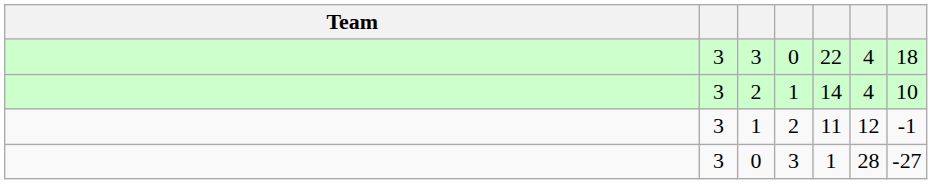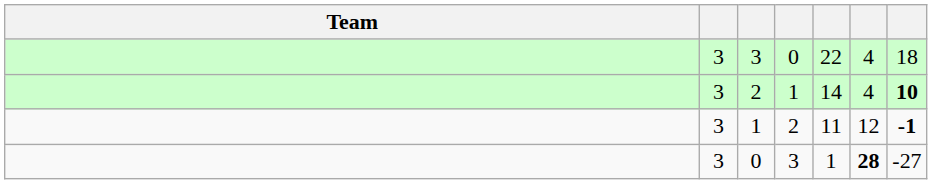 <table class=wikitable style="text-align:center">
 <tr>
 <th width=500>Team</th>
 <th width=20></th>
 <th width=20></th>
 <th width=20></th>
 <th width=20></th>
 <th width=20></th>
 <th width=20></th>
 </tr>
 <tr bgcolor=ccffcc>
 <td style="text-align:left"></td>
 <td>3</td>
 <td>3</td>
 <td>0</td>
 <td>22</td>
 <td>4</td>
 <td>18</td>
 </tr>
 <tr bgcolor=ccffcc>
 <td style="text-align:left"></td>
 <td>3</td>
 <td>2</td>
 <td>1</td>
 <td>14</td>
 <td>4</td>
-<td>10</td>
+<td><strong>10</strong></td>
 </tr>
 <tr>
 <td style="text-align:left"></td>
 <td>3</td>
 <td>1</td>
 <td>2</td>
 <td>11</td>
 <td>12</td>
-<td>-1</td>
+<td><strong>-1</strong></td>
 </tr>
 <tr>
 <td style="text-align:left"></td>
 <td>3</td>
 <td>0</td>
 <td>3</td>
 <td>1</td>
-<td>28</td>
+<td><strong>28</strong></td>
 <td>-27</td>
 </tr>
 </table>
